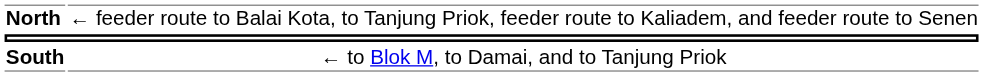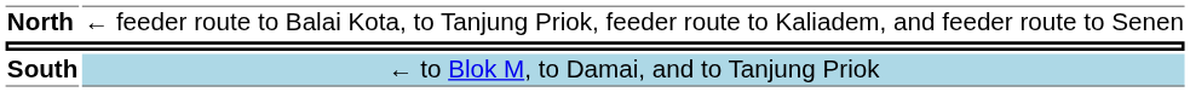 <table>
 <tr>
 <td style="border-top:solid 1px gray"><strong>North</strong></td>
 <td style="text-align:center;border-top:solid 1px gray">←   feeder route to Balai Kota,  to Tanjung Priok,  feeder route to Kaliadem, and  feeder route to Senen</td>
 </tr>
 <tr>
 <td colspan="2" style="text-align:center; border:solid 2px black; "></td>
 </tr>
 <tr>
 <td style="border-bottom:solid 1px gray"><strong>South</strong></td>
-<td style="text-align:center;border-bottom:solid 1px gray">←   to <a href='#'>Blok M</a>,  to Damai, and  to Tanjung Priok</td>
+<td style="background: lightblue; text-align:center;border-bottom:solid 1px gray">←   to <a href='#'>Blok M</a>,  to Damai, and  to Tanjung Priok</td>
 </tr>
 </table>
